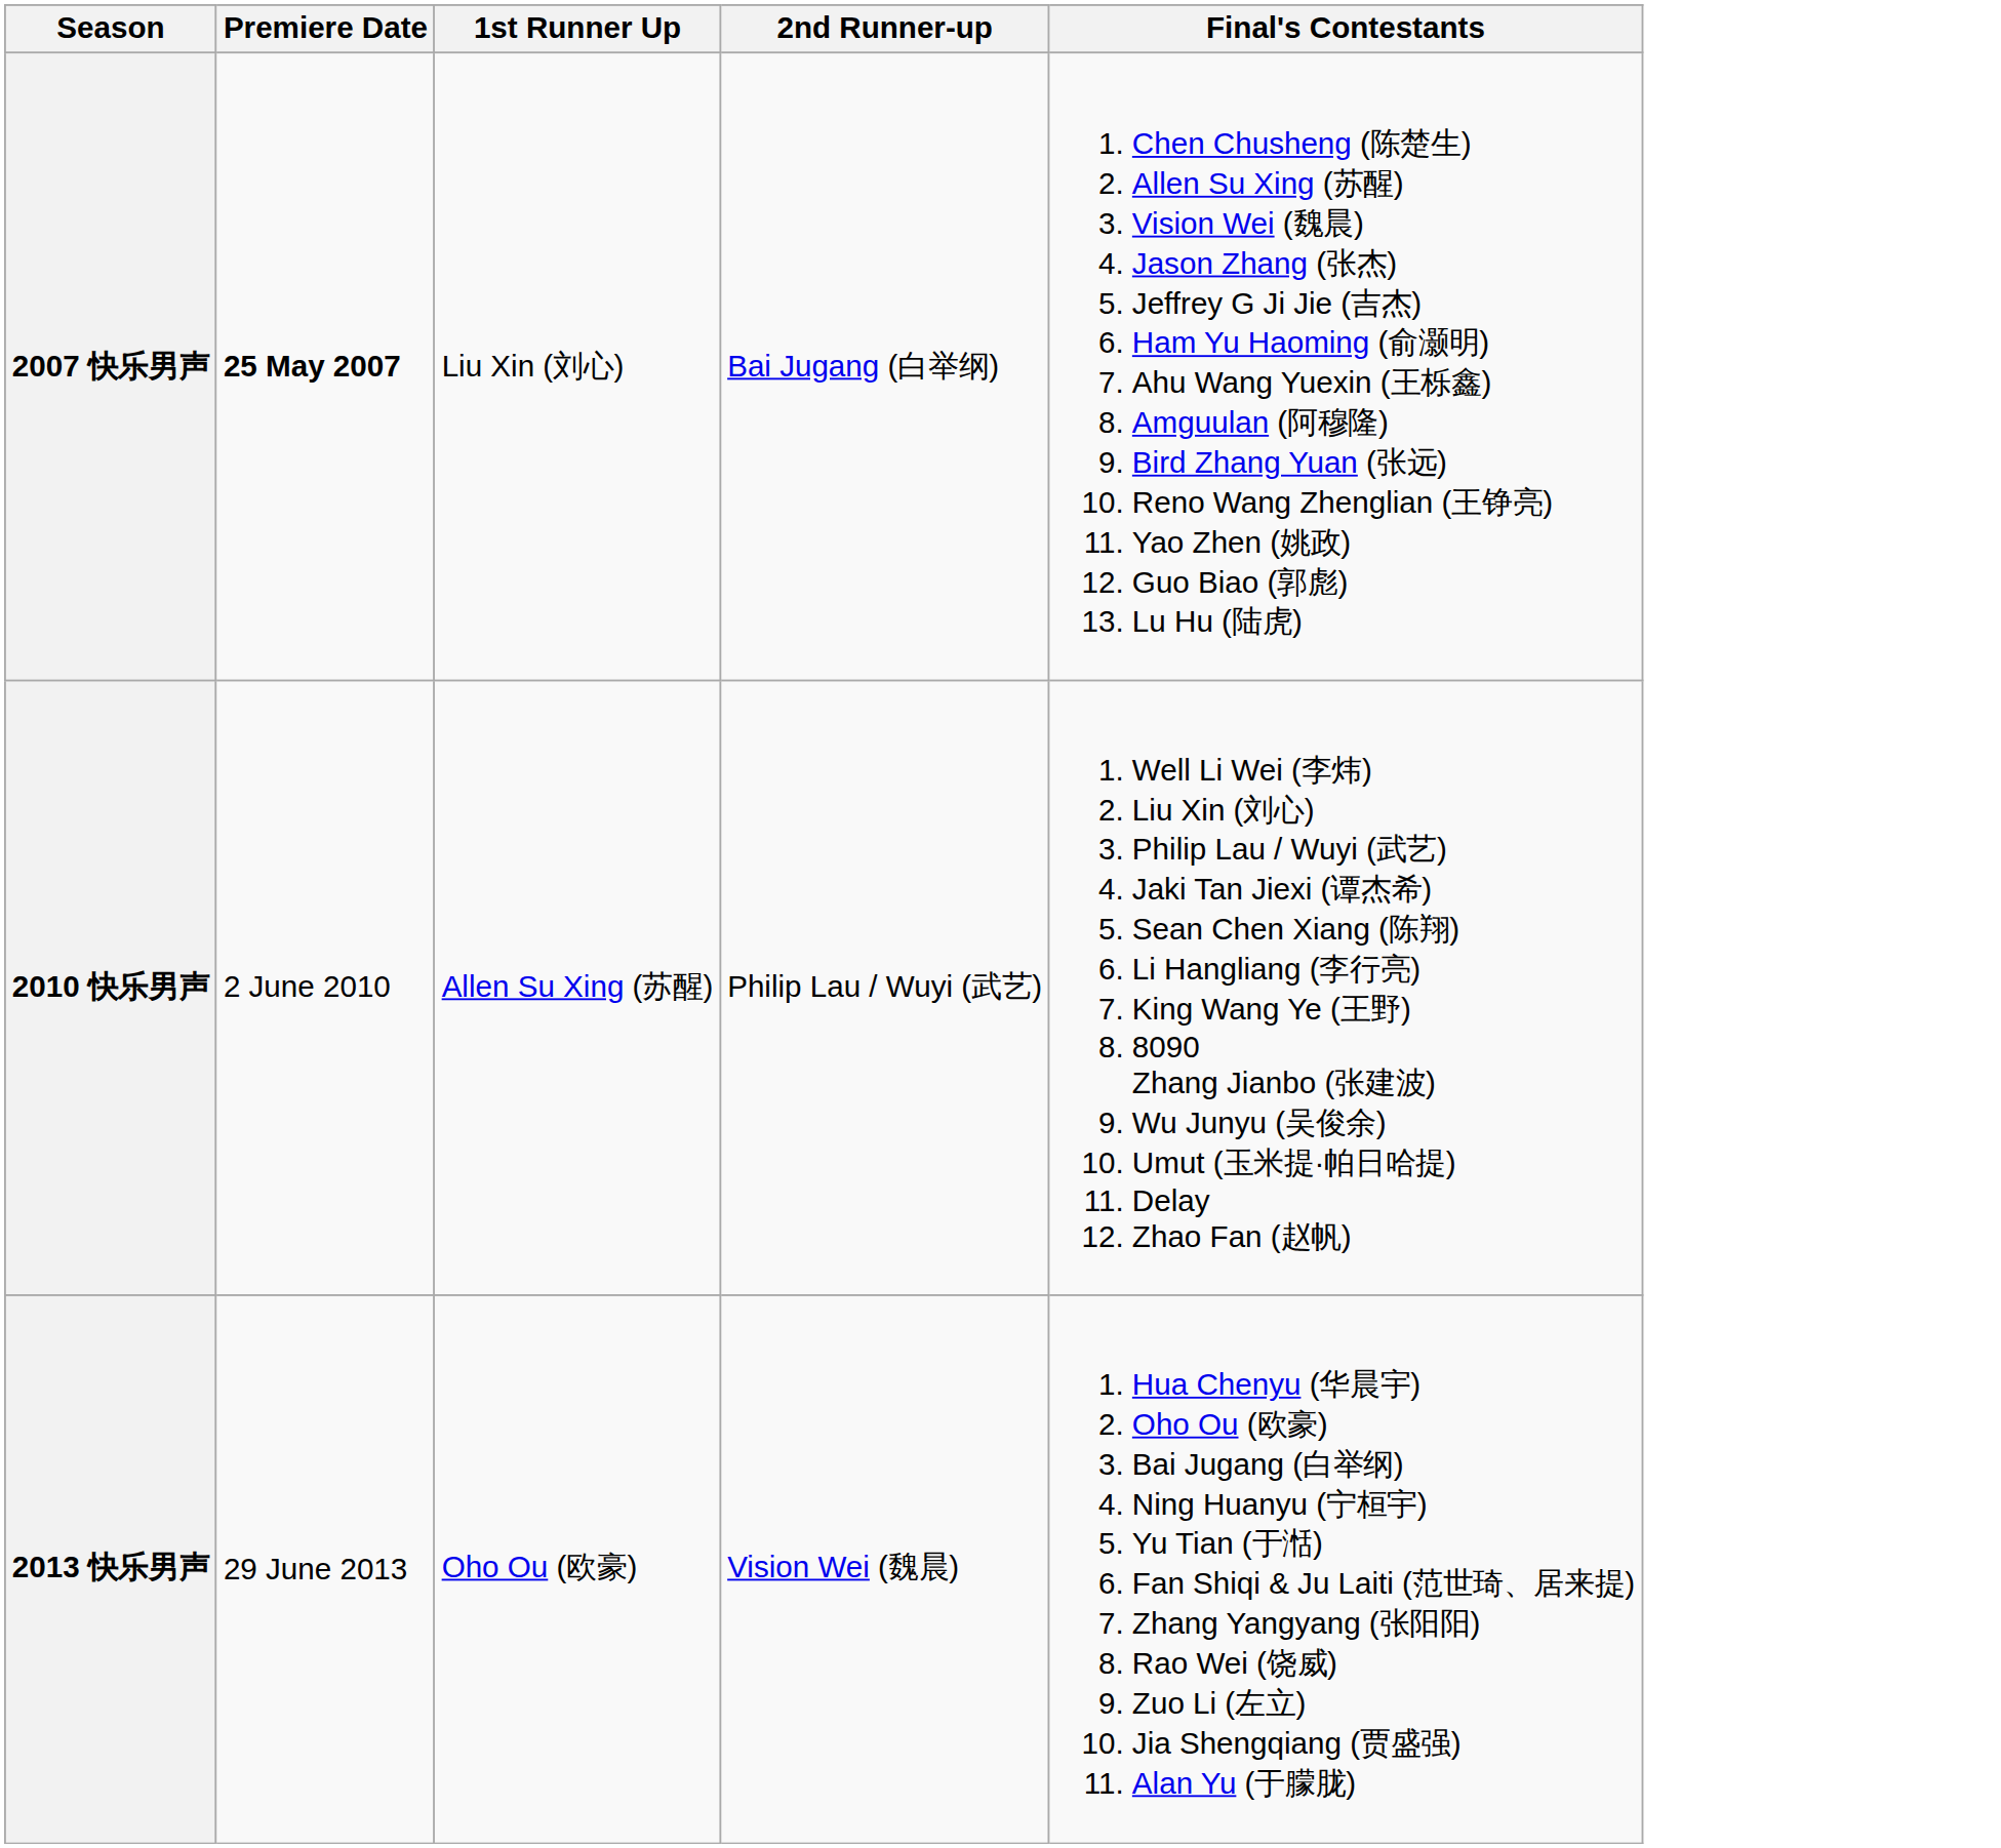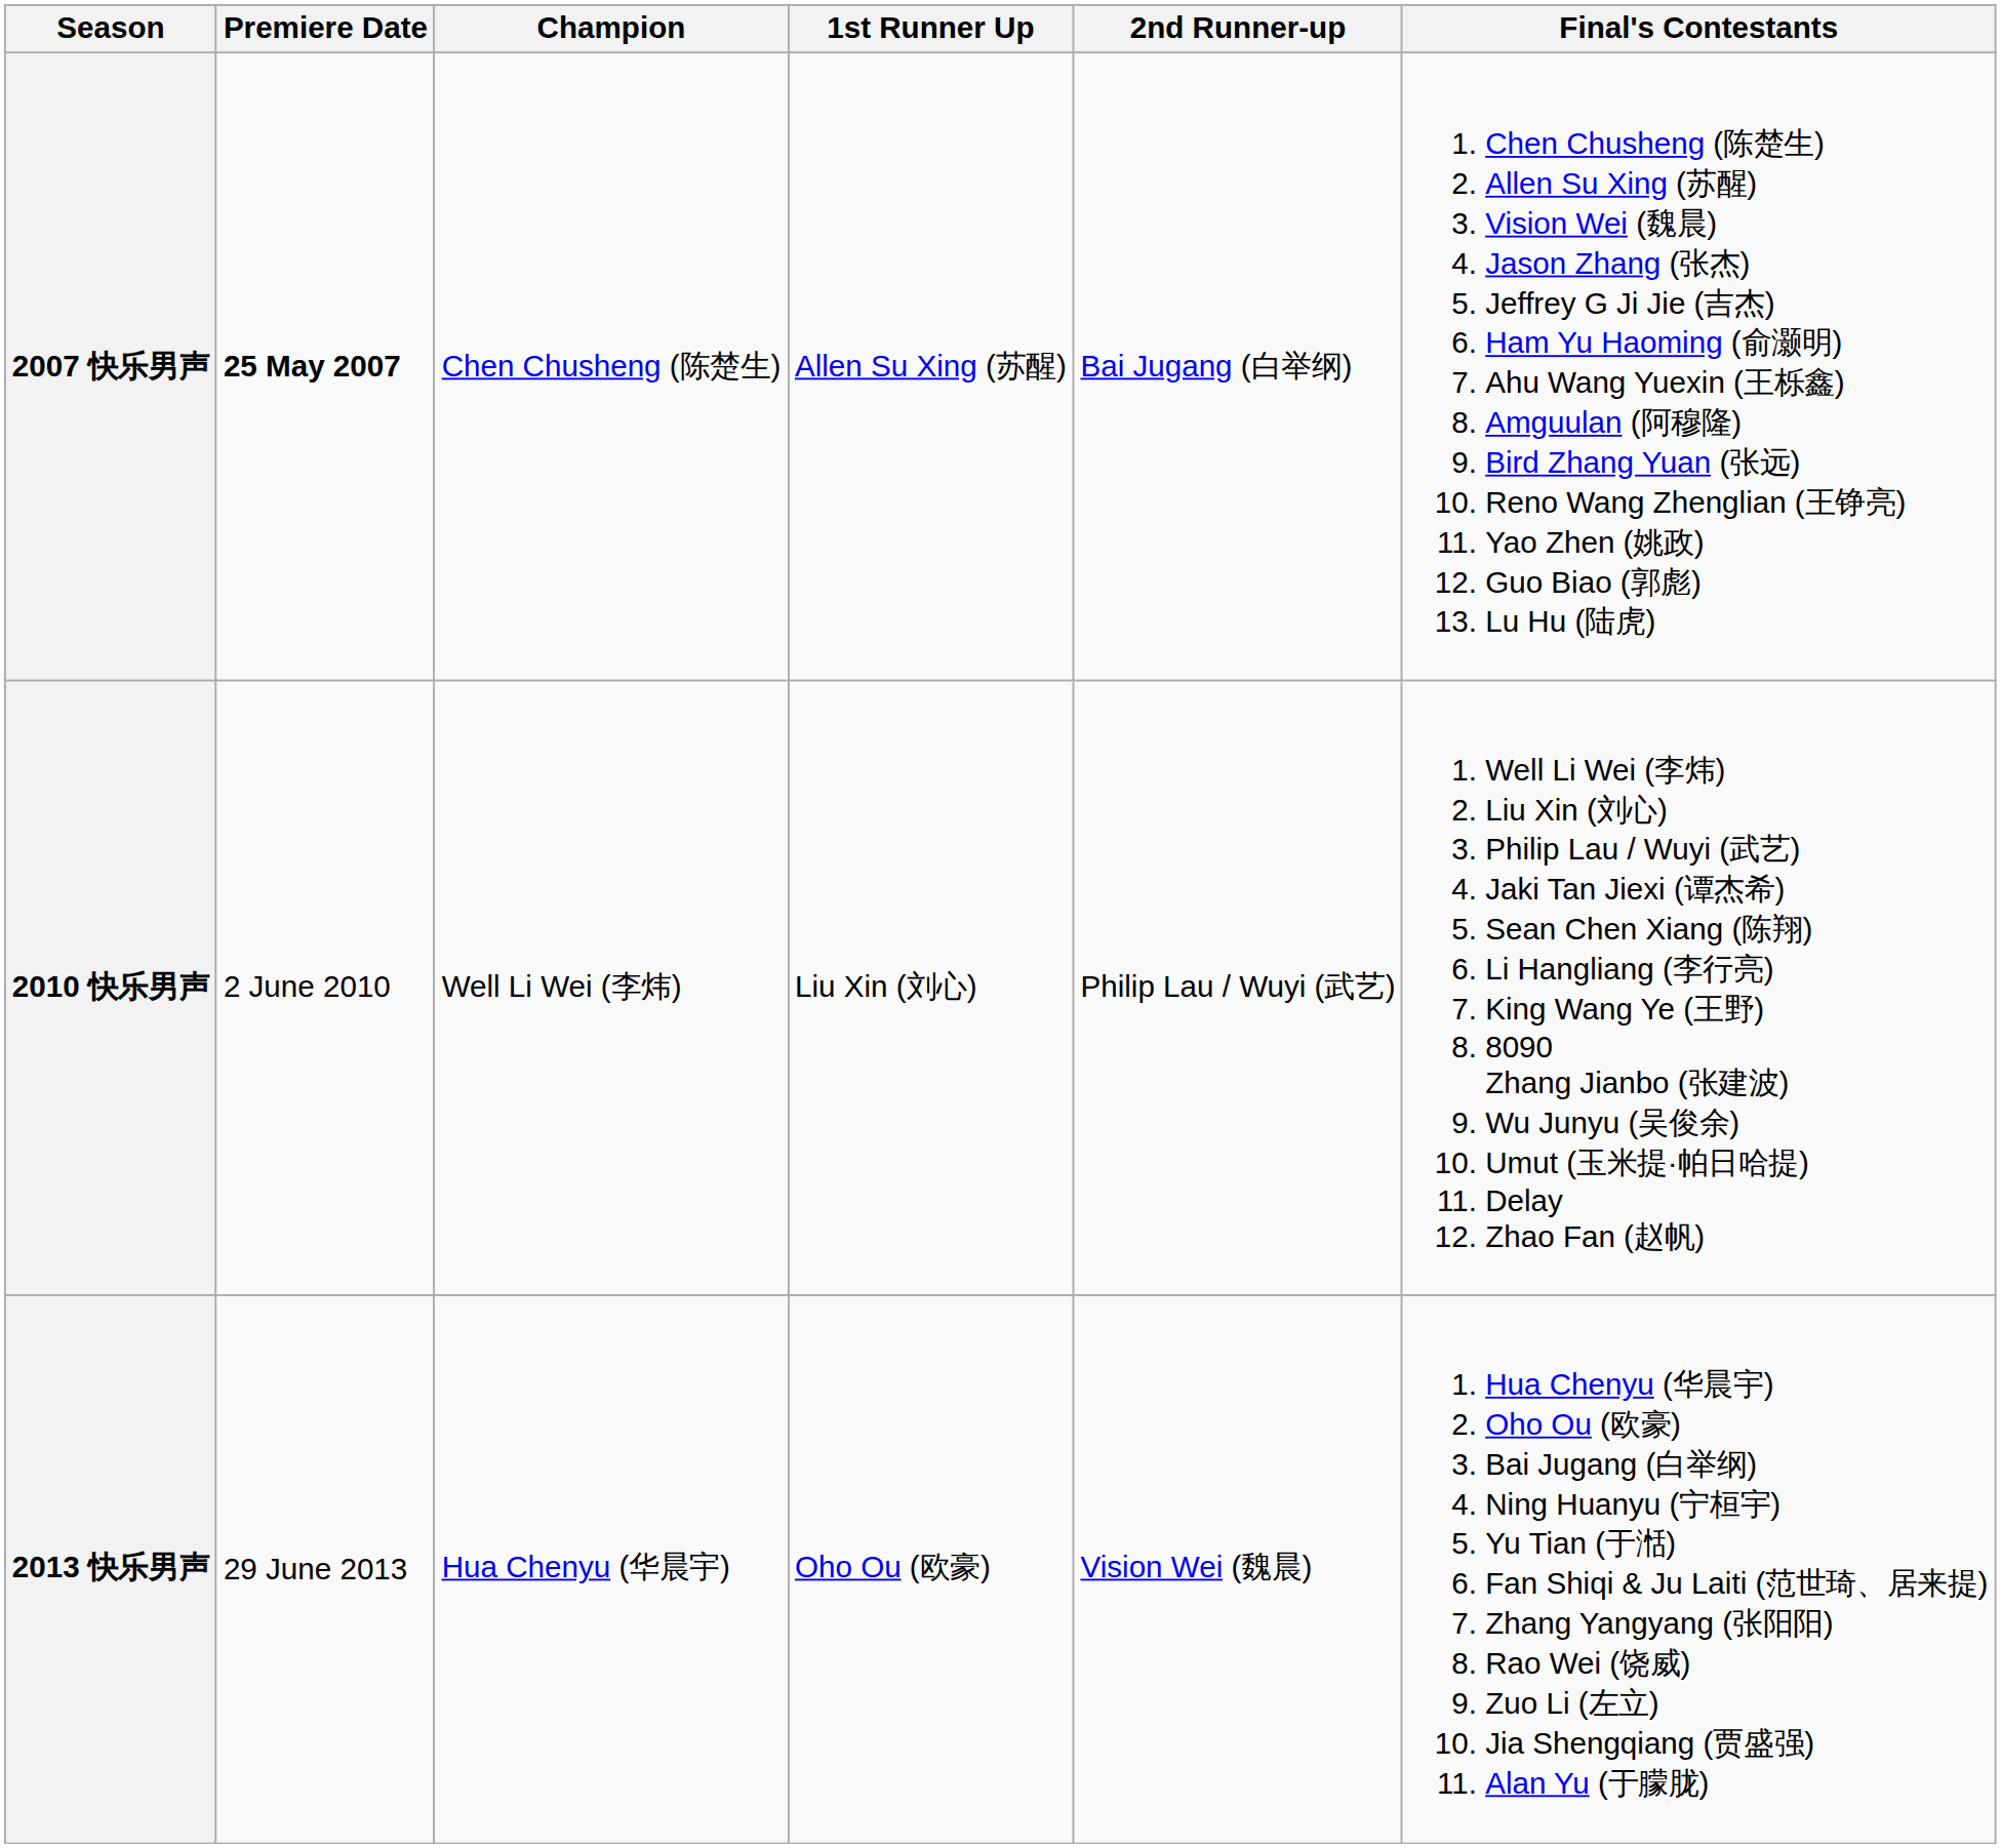 <table class="wikitable">
 <tr>
 <th align="center">Season</th>
 <th align="center">Premiere Date</th>
+<th align="center">Champion</th>
 <th align="center">1st Runner Up</th>
 <th align="center">2nd Runner-up</th>
 <th align="center">Final's Contestants</th>
 </tr>
 <tr>
 <th>2007 快乐男声</th>
 <td><strong>25 May 2007</strong></td>
-<td>Liu Xin (刘心)</td>
+<td><a href='#'>Chen Chusheng</a> (陈楚生)</td>
+<td><a href='#'>Allen Su Xing</a> (苏醒)</td>
 <td><a href='#'>Bai Jugang</a> (白举纲)</td>
 <td><br><ol><li><a href='#'>Chen Chusheng</a> (陈楚生)</li><li><a href='#'>Allen Su Xing</a> (苏醒)</li><li><a href='#'>Vision Wei</a> (魏晨)</li><li><a href='#'>Jason Zhang</a> (张杰)</li><li>Jeffrey G Ji Jie (吉杰)</li><li><a href='#'>Ham Yu Haoming</a> (俞灏明)</li><li>Ahu Wang Yuexin (王栎鑫)</li><li><a href='#'>Amguulan</a> (阿穆隆)</li><li><a href='#'>Bird Zhang Yuan</a> (张远)</li><li>Reno Wang Zhenglian (王铮亮)</li><li>Yao Zhen (姚政)</li><li>Guo Biao (郭彪)</li><li>Lu Hu (陆虎)</li></ol></td>
 </tr>
 <tr>
 <th>2010 快乐男声</th>
 <td>2 June 2010</td>
-<td><a href='#'>Allen Su Xing</a> (苏醒)</td>
+<td>Well Li Wei (李炜)</td>
+<td>Liu Xin (刘心)</td>
 <td>Philip Lau / Wuyi (武艺)</td>
 <td><br><ol><li>Well Li Wei (李炜)</li><li>Liu Xin (刘心)</li><li>Philip Lau / Wuyi (武艺)</li><li>Jaki Tan Jiexi (谭杰希)</li><li>Sean Chen Xiang (陈翔)</li><li>Li Hangliang (李行亮)</li><li>King Wang Ye (王野)</li><li>8090<br>Zhang Jianbo (张建波)</li><li>Wu Junyu (吴俊余)</li><li>Umut (玉米提·帕日哈提)</li><li>Delay</li><li>Zhao Fan (赵帆)</li></ol></td>
 </tr>
 <tr>
 <th>2013 快乐男声</th>
 <td>29 June 2013</td>
+<td><a href='#'>Hua Chenyu</a> (华晨宇)</td>
 <td><a href='#'>Oho Ou</a> (欧豪)</td>
 <td><a href='#'>Vision Wei</a> (魏晨)</td>
 <td><br><ol><li><a href='#'>Hua Chenyu</a> (华晨宇)</li><li><a href='#'>Oho Ou</a> (欧豪)</li><li>Bai Jugang (白举纲)</li><li>Ning Huanyu (宁桓宇)</li><li>Yu Tian (于湉)</li><li>Fan Shiqi & Ju Laiti (范世琦、居来提)</li><li>Zhang Yangyang (张阳阳)</li><li>Rao Wei (饶威)</li><li>Zuo Li (左立)</li><li>Jia Shengqiang (贾盛强)</li><li><a href='#'>Alan Yu</a> (于朦胧)</li></ol></td>
 </tr>
 </table>
